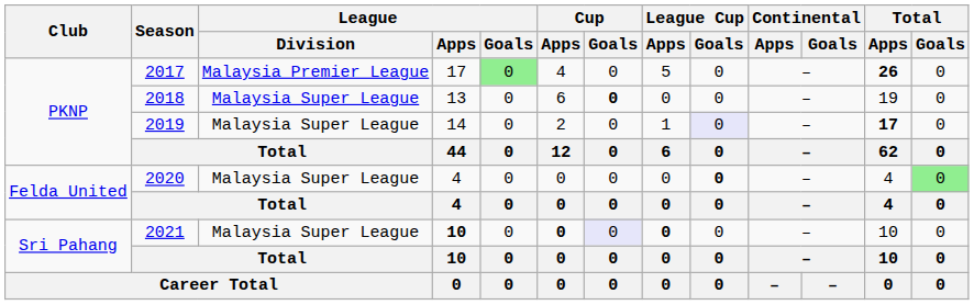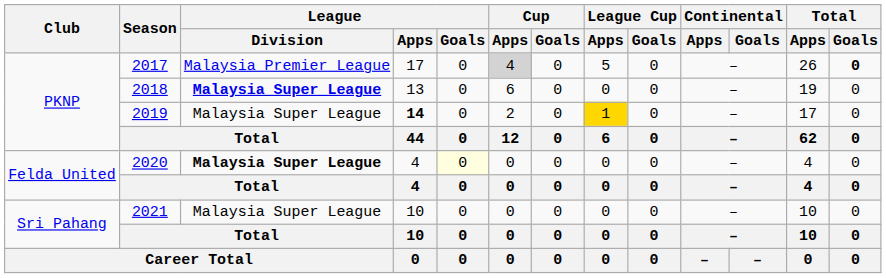 <table class=wikitable style="text-align:center">
 <tr>
 <th rowspan=2>Club</th>
 <th rowspan=2>Season</th>
 <th colspan=3>League</th>
 <th colspan=2>Cup</th>
 <th colspan=2>League Cup</th>
 <th colspan=2>Continental</th>
 <th colspan=2>Total</th>
 </tr>
 <tr>
 <th>Division</th>
 <th>Apps</th>
 <th>Goals</th>
 <th>Apps</th>
 <th>Goals</th>
 <th>Apps</th>
 <th>Goals</th>
 <th>Apps</th>
 <th>Goals</th>
 <th>Apps</th>
 <th>Goals</th>
 </tr>
 <tr>
 <td rowspan=4><a href='#'>PKNP</a></td>
 <td><a href='#'>2017</a></td>
 <td><a href='#'>Malaysia Premier League</a></td>
 <td>17</td>
-<td style="background: lightgreen;">0</td>
-<td>4</td>
+<td>0</td>
+<td style="background: lightgrey;">4</td>
 <td>0</td>
 <td>5</td>
 <td>0</td>
 <td colspan=2>–</td>
-<td><strong>26</strong></td>
-<td>0</td>
+<td>26</td>
+<td><strong>0</strong></td>
 </tr>
 <tr>
 <td><a href='#'>2018</a></td>
-<td><a href='#'>Malaysia Super League</a></td>
+<td><strong><a href='#'>Malaysia Super League</a></strong></td>
 <td>13</td>
 <td>0</td>
 <td>6</td>
-<td><strong>0</strong></td>
+<td>0</td>
 <td>0</td>
 <td>0</td>
 <td colspan=2>–</td>
 <td>19</td>
 <td>0</td>
 </tr>
 <tr>
 <td><a href='#'>2019</a></td>
 <td>Malaysia Super League</td>
-<td>14</td>
+<td><strong>14</strong></td>
 <td>0</td>
 <td>2</td>
 <td>0</td>
-<td>1</td>
-<td style="background: lavender;">0</td>
+<td style="background: gold;">1</td>
+<td>0</td>
 <td colspan=2>–</td>
-<td><strong>17</strong></td>
+<td>17</td>
 <td>0</td>
 </tr>
 <tr>
 <th colspan="2">Total</th>
 <th>44</th>
 <th>0</th>
 <th>12</th>
 <th>0</th>
 <th>6</th>
 <th>0</th>
 <th colspan=2>–</th>
 <th>62</th>
 <th>0</th>
 </tr>
 <tr>
 <td rowspan=2><a href='#'>Felda United</a></td>
 <td><a href='#'>2020</a></td>
-<td>Malaysia Super League</td>
+<td><strong>Malaysia Super League</strong></td>
 <td>4</td>
+<td style="background: lightyellow;">0</td>
 <td>0</td>
 <td>0</td>
 <td>0</td>
 <td>0</td>
-<td><strong>0</strong></td>
 <td colspan=2>–</td>
 <td>4</td>
-<td style="background: lightgreen;">0</td>
+<td>0</td>
 </tr>
 <tr>
 <th colspan="2">Total</th>
 <th>4</th>
 <th>0</th>
 <th>0</th>
 <th>0</th>
 <th>0</th>
 <th>0</th>
 <th colspan=2>–</th>
 <th>4</th>
 <th>0</th>
 </tr>
 <tr>
 <td rowspan=2><a href='#'>Sri Pahang</a></td>
 <td><a href='#'>2021</a></td>
 <td>Malaysia Super League</td>
-<td><strong>10</strong></td>
+<td>10</td>
 <td>0</td>
-<td><strong>0</strong></td>
-<td style="background: lavender;">0</td>
-<td><strong>0</strong></td>
+<td>0</td>
+<td>0</td>
+<td>0</td>
 <td>0</td>
 <td colspan=2>–</td>
 <td>10</td>
 <td>0</td>
 </tr>
 <tr>
 <th colspan="2">Total</th>
 <th>10</th>
 <th>0</th>
 <th>0</th>
 <th>0</th>
 <th>0</th>
 <th>0</th>
 <th colspan=2>–</th>
 <th>10</th>
 <th>0</th>
 </tr>
 <tr>
 <th colspan="3">Career Total</th>
 <th>0</th>
 <th>0</th>
 <th>0</th>
 <th>0</th>
 <th>0</th>
 <th>0</th>
 <th>–</th>
 <th>–</th>
 <th>0</th>
 <th>0</th>
 </tr>
 </table>
